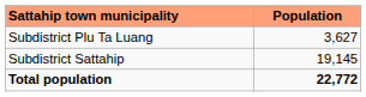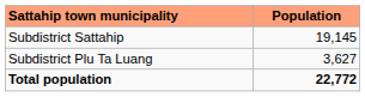 <table class="wikitable" style="width:48%; display:inline-table;">
 <tr>
 <td style= "background: #ffa07a;"><strong>Sattahip town municipality</strong></td>
 <td style= "background: #ffa07a; text-align:center;"><strong>Population</strong></td>
 </tr>
 <tr>
+<td>Subdistrict Sattahip</td>
+<td style="text-align:right;">19,145</td>
+</tr>
+<tr>
 <td>Subdistrict Plu Ta Luang</td>
 <td style="text-align:right;">3,627</td>
-</tr>
-<tr>
-<td>Subdistrict Sattahip</td>
-<td style="text-align:right;">19,145</td>
 </tr>
 <tr>
 <td><strong>Total population</strong></td>
 <td style="text-align:right;"><strong>22,772</strong></td>
 </tr>
 </table>
